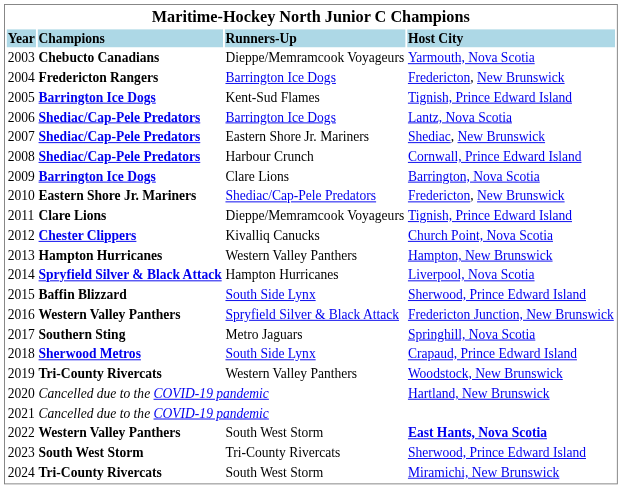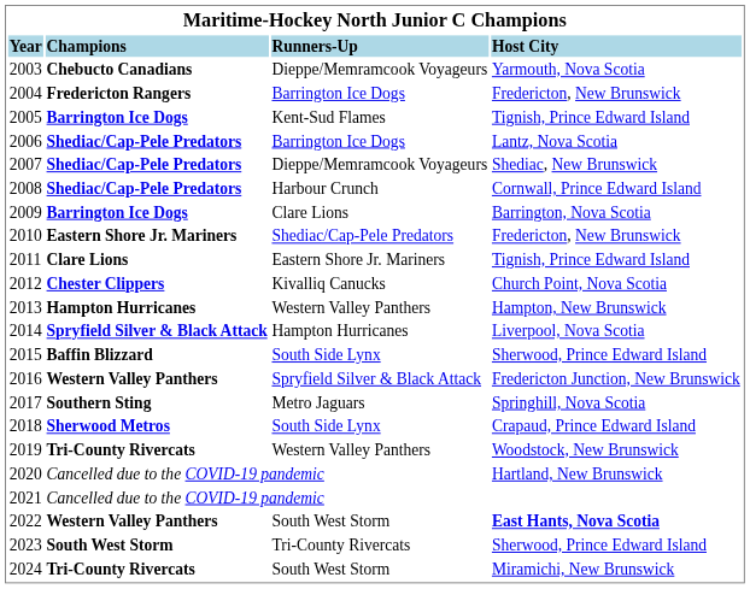 <table cellpadding="1" style="font-size: 90%; border: 1px solid gray;">
 <tr align="center" style="font-size: larger;">
 <td colspan=5><strong>Maritime-Hockey North Junior C Champions</strong></td>
 </tr>
 <tr style="background:lightblue;">
 <td><strong>Year</strong></td>
 <td><strong>Champions</strong></td>
 <td><strong>Runners-Up</strong></td>
 <td><strong>Host City</strong></td>
 </tr>
 <tr>
 <td>2003</td>
 <td><strong>Chebucto Canadians</strong></td>
 <td>Dieppe/Memramcook Voyageurs</td>
 <td><a href='#'>Yarmouth, Nova Scotia</a></td>
 </tr>
 <tr>
 <td>2004</td>
 <td><strong>Fredericton Rangers</strong></td>
 <td><a href='#'>Barrington Ice Dogs</a></td>
 <td><a href='#'>Fredericton</a>, <a href='#'>New Brunswick</a></td>
 </tr>
 <tr>
 <td>2005</td>
 <td><strong><a href='#'>Barrington Ice Dogs</a></strong></td>
 <td>Kent-Sud Flames</td>
 <td><a href='#'>Tignish, Prince Edward Island</a></td>
 </tr>
 <tr>
 <td>2006</td>
 <td><strong><a href='#'>Shediac/Cap-Pele Predators</a></strong></td>
 <td><a href='#'>Barrington Ice Dogs</a></td>
 <td><a href='#'>Lantz, Nova Scotia</a></td>
 </tr>
 <tr>
 <td>2007</td>
 <td><strong><a href='#'>Shediac/Cap-Pele Predators</a></strong></td>
-<td>Eastern Shore Jr. Mariners</td>
+<td>Dieppe/Memramcook Voyageurs</td>
 <td><a href='#'>Shediac</a>, <a href='#'>New Brunswick</a></td>
 </tr>
 <tr>
 <td>2008</td>
 <td><strong><a href='#'>Shediac/Cap-Pele Predators</a></strong></td>
 <td>Harbour Crunch</td>
 <td><a href='#'>Cornwall, Prince Edward Island</a></td>
 </tr>
 <tr>
 <td>2009</td>
 <td><strong><a href='#'>Barrington Ice Dogs</a></strong></td>
 <td>Clare Lions</td>
 <td><a href='#'>Barrington, Nova Scotia</a></td>
 </tr>
 <tr>
 <td>2010</td>
 <td><strong>Eastern Shore Jr. Mariners</strong></td>
 <td><a href='#'>Shediac/Cap-Pele Predators</a></td>
 <td><a href='#'>Fredericton</a>, <a href='#'>New Brunswick</a></td>
 </tr>
 <tr>
 <td>2011</td>
 <td><strong>Clare Lions</strong></td>
-<td>Dieppe/Memramcook Voyageurs</td>
+<td>Eastern Shore Jr. Mariners</td>
 <td><a href='#'>Tignish, Prince Edward Island</a></td>
 </tr>
 <tr>
 <td>2012</td>
 <td><strong><a href='#'>Chester Clippers</a></strong></td>
 <td>Kivalliq Canucks</td>
 <td><a href='#'>Church Point, Nova Scotia</a></td>
 </tr>
 <tr>
 <td>2013</td>
 <td><strong>Hampton Hurricanes</strong></td>
 <td>Western Valley Panthers</td>
 <td><a href='#'>Hampton, New Brunswick</a></td>
 </tr>
 <tr>
 <td>2014</td>
 <td><strong><a href='#'>Spryfield Silver & Black Attack</a></strong></td>
 <td>Hampton Hurricanes</td>
 <td><a href='#'>Liverpool, Nova Scotia</a></td>
 </tr>
 <tr>
 <td>2015</td>
 <td><strong>Baffin Blizzard</strong></td>
 <td><a href='#'>South Side Lynx</a></td>
 <td><a href='#'>Sherwood, Prince Edward Island</a></td>
 </tr>
 <tr>
 <td>2016</td>
 <td><strong>Western Valley Panthers</strong></td>
 <td><a href='#'>Spryfield Silver & Black Attack</a></td>
 <td><a href='#'>Fredericton Junction, New Brunswick</a></td>
 </tr>
 <tr>
 <td>2017</td>
 <td><strong>Southern Sting</strong></td>
 <td>Metro Jaguars</td>
 <td><a href='#'>Springhill, Nova Scotia</a></td>
 </tr>
 <tr>
 <td>2018</td>
 <td><strong><a href='#'>Sherwood Metros</a></strong></td>
 <td><a href='#'>South Side Lynx</a></td>
 <td><a href='#'>Crapaud, Prince Edward Island</a></td>
 </tr>
 <tr>
 <td>2019</td>
 <td><strong>Tri-County Rivercats</strong></td>
 <td>Western Valley Panthers</td>
 <td><a href='#'>Woodstock, New Brunswick</a></td>
 </tr>
 <tr>
 <td>2020</td>
 <td colspan="2"><em>Cancelled due to the <a href='#'>COVID-19 pandemic</a></em></td>
 <td><a href='#'>Hartland, New Brunswick</a></td>
 </tr>
 <tr>
 <td>2021</td>
 <td colspan="2"><em>Cancelled due to the <a href='#'>COVID-19 pandemic</a></em></td>
 <td></td>
 </tr>
 <tr>
 <td>2022</td>
 <td><strong>Western Valley Panthers</strong></td>
 <td>South West Storm</td>
 <td><strong><a href='#'>East Hants, Nova Scotia</a></strong></td>
 </tr>
 <tr>
 <td>2023</td>
 <td><strong>South West Storm</strong></td>
 <td>Tri-County Rivercats</td>
 <td><a href='#'>Sherwood, Prince Edward Island</a></td>
 </tr>
 <tr>
 <td>2024</td>
 <td><strong>Tri-County Rivercats</strong></td>
 <td>South West Storm</td>
 <td><a href='#'>Miramichi, New Brunswick</a></td>
 </tr>
 </table>
